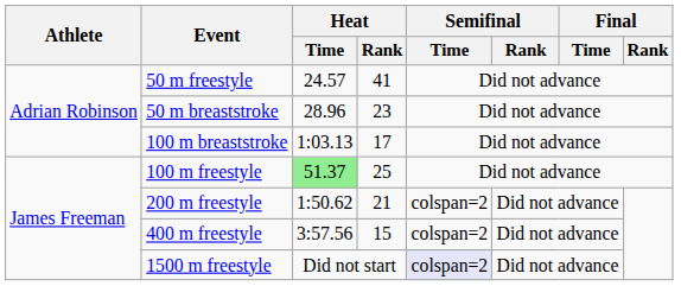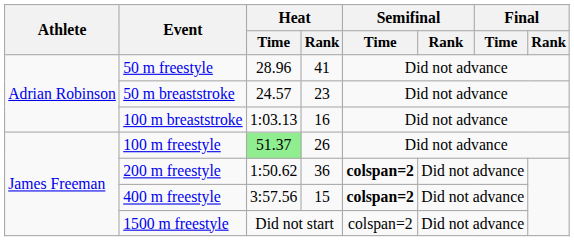 <table class=wikitable style="font-size:90%; text-align:center">
 <tr>
 <th rowspan=2>Athlete</th>
 <th rowspan=2>Event</th>
 <th colspan=2>Heat</th>
 <th colspan=2>Semifinal</th>
 <th colspan=2>Final</th>
 </tr>
 <tr style=font-size:95%>
 <th>Time</th>
 <th>Rank</th>
 <th>Time</th>
 <th>Rank</th>
 <th>Time</th>
 <th>Rank</th>
 </tr>
 <tr>
 <td align=left rowspan=3><a href='#'>Adrian Robinson</a></td>
 <td align=left><a href='#'>50 m freestyle</a></td>
-<td>24.57</td>
+<td>28.96</td>
 <td>41</td>
 <td colspan="4">Did not advance</td>
 </tr>
 <tr>
 <td align=left><a href='#'>50 m breaststroke</a></td>
-<td>28.96</td>
+<td>24.57</td>
 <td>23</td>
 <td colspan="4">Did not advance</td>
 </tr>
 <tr>
 <td align=left><a href='#'>100 m breaststroke</a></td>
 <td>1:03.13</td>
-<td>17</td>
+<td>16</td>
 <td colspan=4>Did not advance</td>
 </tr>
 <tr>
 <td rowspan="4" align="left"><a href='#'>James Freeman</a></td>
 <td align=left><a href='#'>100 m freestyle</a></td>
 <td style="background: lightgreen;">51.37</td>
-<td>25</td>
+<td>26</td>
 <td colspan=4>Did not advance</td>
 </tr>
 <tr>
 <td align=left><a href='#'>200 m freestyle</a></td>
 <td>1:50.62</td>
-<td>21</td>
-<td>colspan=2 </td>
+<td>36</td>
+<td><strong>colspan=2 </strong></td>
 <td colspan=2>Did not advance</td>
 </tr>
 <tr>
 <td align=left><a href='#'>400 m freestyle</a></td>
 <td>3:57.56</td>
 <td>15</td>
-<td>colspan=2 </td>
+<td><strong>colspan=2 </strong></td>
 <td colspan=2>Did not advance</td>
 </tr>
 <tr>
 <td align=left><a href='#'>1500 m freestyle</a></td>
 <td colspan=2>Did not start</td>
-<td style="background: lavender;">colspan=2 </td>
+<td>colspan=2 </td>
 <td colspan=2>Did not advance</td>
 </tr>
 </table>
